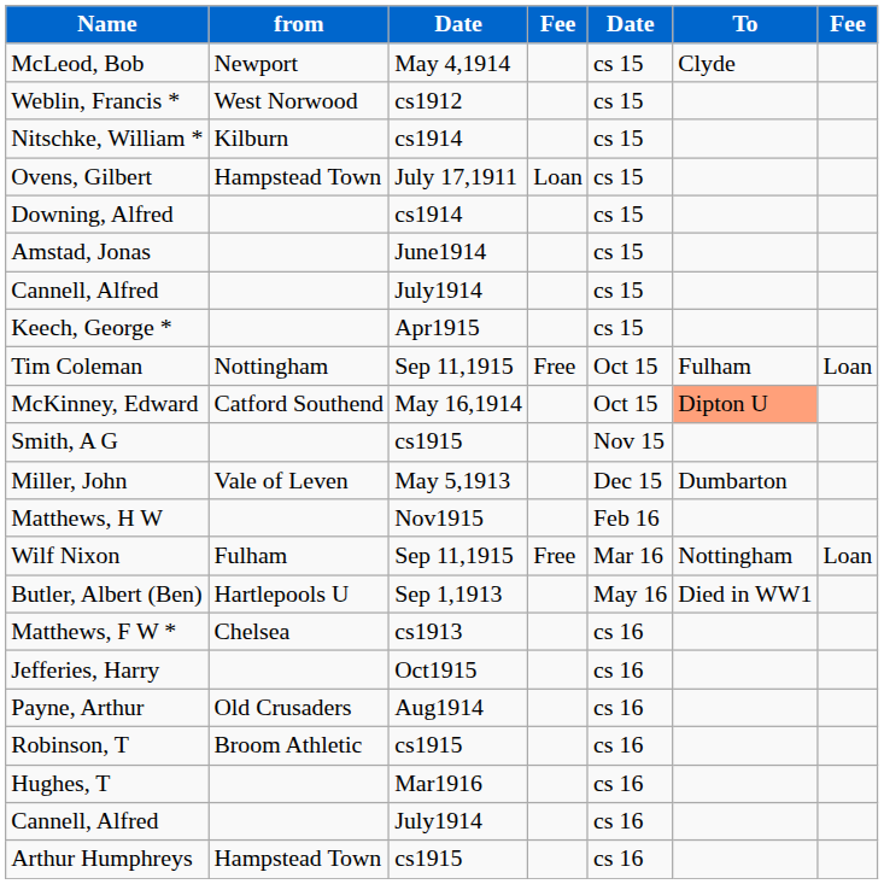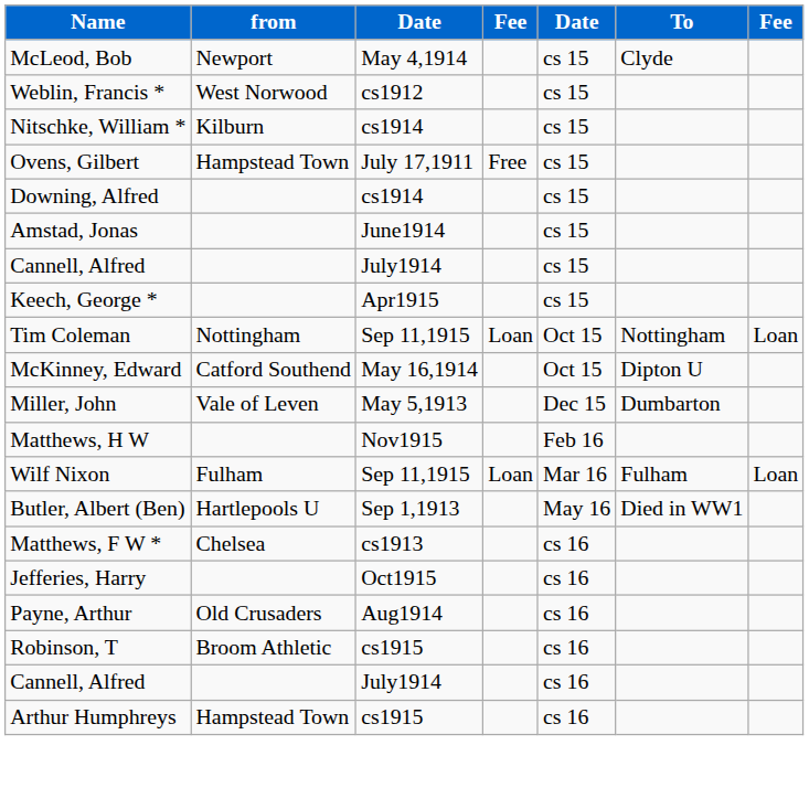 <table class="wikitable">
 <tr>
 <th style="background:#0066CC; color:#FFFFFF;">Name</th>
 <th style="background:#0066CC; color:#FFFFFF;">from</th>
 <th style="background:#0066CC; color:#FFFFFF;">Date</th>
 <th style="background:#0066CC; color:#FFFFFF;">Fee</th>
 <th style="background:#0066CC; color:#FFFFFF;">Date</th>
 <th style="background:#0066CC; color:#FFFFFF;">To</th>
 <th style="background:#0066CC; color:#FFFFFF;">Fee</th>
 </tr>
 <tr>
 <td>McLeod, Bob</td>
 <td>Newport</td>
 <td>May 4,1914</td>
 <td></td>
 <td>cs 15</td>
 <td>Clyde</td>
 <td></td>
 </tr>
 <tr>
 <td>Weblin, Francis *</td>
 <td>West Norwood</td>
 <td>cs1912</td>
 <td></td>
 <td>cs 15</td>
 <td></td>
 <td></td>
 </tr>
 <tr>
 <td>Nitschke, William *</td>
 <td>Kilburn</td>
 <td>cs1914</td>
 <td></td>
 <td>cs 15</td>
 <td></td>
 <td></td>
 </tr>
 <tr>
 <td>Ovens, Gilbert</td>
 <td>Hampstead Town</td>
 <td>July 17,1911</td>
-<td>Loan</td>
+<td>Free</td>
 <td>cs 15</td>
 <td></td>
 <td></td>
 </tr>
 <tr>
 <td>Downing, Alfred</td>
 <td></td>
 <td>cs1914</td>
 <td></td>
 <td>cs 15</td>
 <td></td>
 <td></td>
 </tr>
 <tr>
 <td>Amstad, Jonas</td>
 <td></td>
 <td>June1914</td>
 <td></td>
 <td>cs 15</td>
 <td></td>
 <td></td>
 </tr>
 <tr>
 <td>Cannell, Alfred</td>
 <td></td>
 <td>July1914</td>
 <td></td>
 <td>cs 15</td>
 <td></td>
 <td></td>
 </tr>
 <tr>
 <td>Keech, George *</td>
 <td></td>
 <td>Apr1915</td>
 <td></td>
 <td>cs 15</td>
 <td></td>
 <td></td>
 </tr>
 <tr>
 <td>Tim Coleman</td>
 <td>Nottingham</td>
 <td>Sep 11,1915</td>
-<td>Free</td>
+<td>Loan</td>
 <td>Oct 15</td>
-<td>Fulham</td>
+<td>Nottingham</td>
 <td>Loan</td>
 </tr>
 <tr>
 <td>McKinney, Edward</td>
 <td>Catford Southend</td>
 <td>May 16,1914</td>
 <td></td>
 <td>Oct 15</td>
-<td style="background: lightsalmon;">Dipton U</td>
-<td></td>
-</tr>
-<tr>
-<td>Smith, A G</td>
-<td></td>
-<td>cs1915</td>
-<td></td>
-<td>Nov 15</td>
-<td></td>
+<td>Dipton U</td>
 <td></td>
 </tr>
 <tr>
 <td>Miller, John</td>
 <td>Vale of Leven</td>
 <td>May 5,1913</td>
 <td></td>
 <td>Dec 15</td>
 <td>Dumbarton</td>
 <td></td>
 </tr>
 <tr>
 <td>Matthews, H W</td>
 <td></td>
 <td>Nov1915</td>
 <td></td>
 <td>Feb 16</td>
 <td></td>
 <td></td>
 </tr>
 <tr>
 <td>Wilf Nixon</td>
 <td>Fulham</td>
 <td>Sep 11,1915</td>
-<td>Free</td>
+<td>Loan</td>
 <td>Mar 16</td>
-<td>Nottingham</td>
+<td>Fulham</td>
 <td>Loan</td>
 </tr>
 <tr>
 <td>Butler, Albert (Ben)</td>
 <td>Hartlepools U</td>
 <td>Sep 1,1913</td>
 <td></td>
 <td>May 16</td>
 <td>Died in WW1</td>
 <td></td>
 </tr>
 <tr>
 <td>Matthews, F W *</td>
 <td>Chelsea</td>
 <td>cs1913</td>
 <td></td>
 <td>cs 16</td>
 <td></td>
 <td></td>
 </tr>
 <tr>
 <td>Jefferies, Harry</td>
 <td></td>
 <td>Oct1915</td>
 <td></td>
 <td>cs 16</td>
 <td></td>
 <td></td>
 </tr>
 <tr>
 <td>Payne, Arthur</td>
 <td>Old Crusaders</td>
 <td>Aug1914</td>
 <td></td>
 <td>cs 16</td>
 <td></td>
 <td></td>
 </tr>
 <tr>
 <td>Robinson, T</td>
 <td>Broom Athletic</td>
 <td>cs1915</td>
 <td></td>
 <td>cs 16</td>
 <td></td>
 <td></td>
 </tr>
 <tr>
-<td>Hughes, T</td>
-<td></td>
-<td>Mar1916</td>
-<td></td>
-<td>cs 16</td>
-<td></td>
-<td></td>
-</tr>
-<tr>
 <td>Cannell, Alfred</td>
 <td></td>
 <td>July1914</td>
 <td></td>
 <td>cs 16</td>
 <td></td>
 <td></td>
 </tr>
 <tr>
 <td>Arthur Humphreys</td>
 <td>Hampstead Town</td>
 <td>cs1915</td>
 <td></td>
 <td>cs 16</td>
 <td></td>
 <td></td>
 </tr>
 </table>
